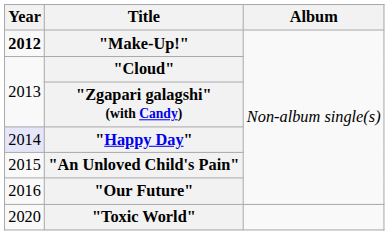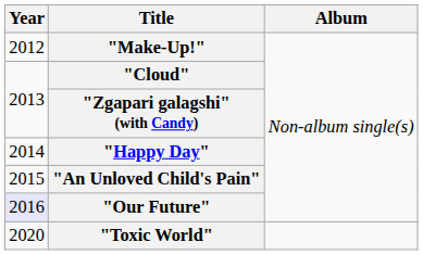 <table class="wikitable plainrowheaders" style="text-align:center;">
 <tr>
 <th scope="col" rowspan="1">Year</th>
 <th scope="col" rowspan="1">Title</th>
 <th scope="col" rowspan="1">Album</th>
 </tr>
 <tr>
-<td><strong>2012</strong></td>
+<td>2012</td>
 <th scope="row">"Make-Up!"</th>
 <td rowspan="6"><em>Non-album single(s)</em></td>
 </tr>
 <tr>
 <td rowspan=2>2013</td>
 <th scope="row">"Cloud"</th>
 </tr>
 <tr>
 <th scope="row">"Zgapari galagshi"<br><small>(with <a href='#'>Candy</a>)</small></th>
 </tr>
 <tr>
-<td style="background: lavender;">2014</td>
+<td>2014</td>
 <th scope="row">"<a href='#'>Happy Day</a>"</th>
 </tr>
 <tr>
 <td>2015</td>
 <th scope="row">"An Unloved Child's Pain"</th>
 </tr>
 <tr>
-<td>2016</td>
+<td style="background: lavender;">2016</td>
 <th scope="row">"Our Future"</th>
 </tr>
 <tr>
 <td>2020</td>
 <th scope="row">"Toxic World"</th>
 </tr>
 </table>
